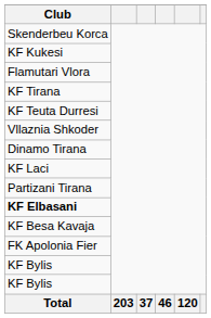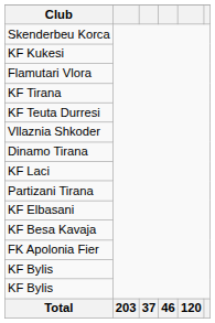 <table class="wikitable floatright">
 <tr>
 </tr>
 <tr>
 <th>Club</th>
 <th></th>
 <th></th>
 <th></th>
 <th></th>
 <th></th>
 </tr>
 <tr>
 <td>Skenderbeu Korca<br></td>
 </tr>
 <tr>
 <td>KF Kukesi<br></td>
 </tr>
 <tr>
 <td>Flamutari Vlora<br></td>
 </tr>
 <tr>
 <td>KF Tirana<br></td>
 </tr>
 <tr>
 <td>KF Teuta Durresi<br></td>
 </tr>
 <tr>
 <td>Vllaznia Shkoder<br></td>
 </tr>
 <tr>
 <td>Dinamo Tirana<br></td>
 </tr>
 <tr>
 <td>KF Laci<br></td>
 </tr>
 <tr>
 <td>Partizani Tirana<br></td>
 </tr>
 <tr>
-<td><strong>KF Elbasani<br></strong></td>
+<td>KF Elbasani<br></td>
 </tr>
 <tr>
 <td>KF Besa Kavaja<br></td>
 </tr>
 <tr>
 <td>FK Apolonia Fier<br></td>
 </tr>
 <tr>
 <td>KF Bylis<br></td>
 </tr>
 <tr>
 <td>KF Bylis<br></td>
 </tr>
 <tr>
 <th>Total</th>
 <th>203</th>
 <th>37</th>
 <th>46</th>
 <th>120</th>
 <th></th>
 </tr>
 </table>
